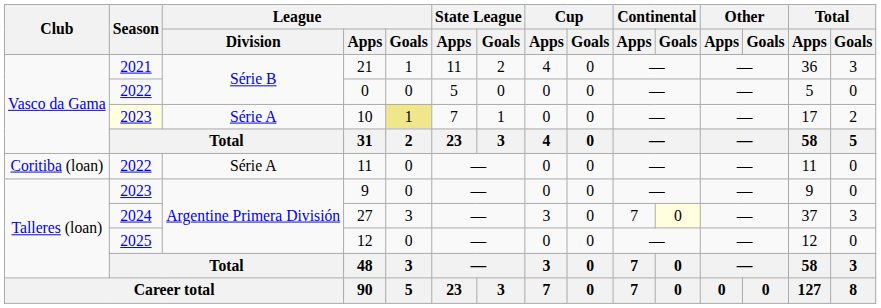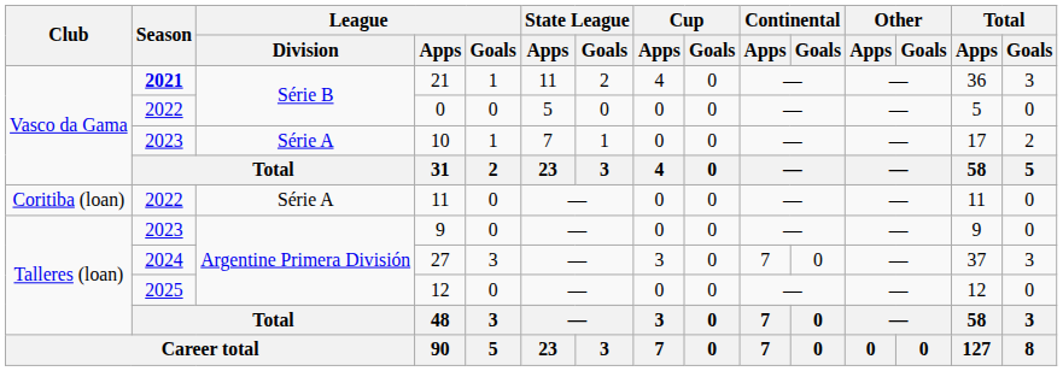 <table class="wikitable" style="text-align: center">
 <tr>
 <th rowspan="2">Club</th>
 <th rowspan="2">Season</th>
 <th colspan="3">League</th>
 <th colspan="2">State League</th>
 <th colspan="2">Cup</th>
 <th colspan="2">Continental</th>
 <th colspan="2">Other</th>
 <th colspan="2">Total</th>
 </tr>
 <tr>
 <th>Division</th>
 <th>Apps</th>
 <th>Goals</th>
 <th>Apps</th>
 <th>Goals</th>
 <th>Apps</th>
 <th>Goals</th>
 <th>Apps</th>
 <th>Goals</th>
 <th>Apps</th>
 <th>Goals</th>
 <th>Apps</th>
 <th>Goals</th>
 </tr>
 <tr>
 <td rowspan="4"><a href='#'>Vasco da Gama</a></td>
-<td><a href='#'>2021</a></td>
+<td><strong><a href='#'>2021</a></strong></td>
 <td rowspan="2"><a href='#'>Série B</a></td>
 <td>21</td>
 <td>1</td>
 <td>11</td>
 <td>2</td>
 <td>4</td>
 <td>0</td>
 <td colspan="2">—</td>
 <td colspan="2">—</td>
 <td>36</td>
 <td>3</td>
 </tr>
 <tr>
 <td><a href='#'>2022</a></td>
 <td>0</td>
 <td>0</td>
 <td>5</td>
 <td>0</td>
 <td>0</td>
 <td>0</td>
 <td colspan="2">—</td>
 <td colspan="2">—</td>
 <td>5</td>
 <td>0</td>
 </tr>
 <tr>
-<td style="background: lightyellow;"><a href='#'>2023</a></td>
+<td><a href='#'>2023</a></td>
 <td><a href='#'>Série A</a></td>
 <td>10</td>
-<td style="background: khaki;">1</td>
+<td>1</td>
 <td>7</td>
 <td>1</td>
 <td>0</td>
 <td>0</td>
 <td colspan="2">—</td>
 <td colspan="2">—</td>
 <td>17</td>
 <td>2</td>
 </tr>
 <tr>
 <th colspan="2">Total</th>
 <th>31</th>
 <th>2</th>
 <th>23</th>
 <th>3</th>
 <th>4</th>
 <th>0</th>
 <th colspan="2">—</th>
 <th colspan="2">—</th>
 <th>58</th>
 <th>5</th>
 </tr>
 <tr>
 <td><a href='#'>Coritiba</a> (loan)</td>
 <td><a href='#'>2022</a></td>
 <td>Série A</td>
 <td>11</td>
 <td>0</td>
 <td colspan="2">—</td>
 <td>0</td>
 <td>0</td>
 <td colspan="2">—</td>
 <td colspan="2">—</td>
 <td>11</td>
 <td>0</td>
 </tr>
 <tr>
 <td rowspan="4"><a href='#'>Talleres</a> (loan)</td>
 <td><a href='#'>2023</a></td>
 <td rowspan="3"><a href='#'>Argentine Primera División</a></td>
 <td>9</td>
 <td>0</td>
 <td colspan="2">—</td>
 <td>0</td>
 <td>0</td>
 <td colspan="2">—</td>
 <td colspan="2">—</td>
 <td>9</td>
 <td>0</td>
 </tr>
 <tr>
 <td><a href='#'>2024</a></td>
 <td>27</td>
 <td>3</td>
 <td colspan="2">—</td>
 <td>3</td>
 <td>0</td>
 <td>7</td>
-<td style="background: lightyellow;">0</td>
+<td>0</td>
 <td colspan="2">—</td>
 <td>37</td>
 <td>3</td>
 </tr>
 <tr>
 <td><a href='#'>2025</a></td>
 <td>12</td>
 <td>0</td>
 <td colspan="2">—</td>
 <td>0</td>
 <td>0</td>
 <td colspan="2">—</td>
 <td colspan="2">—</td>
 <td>12</td>
 <td>0</td>
 </tr>
 <tr>
 <th colspan="2">Total</th>
 <th>48</th>
 <th>3</th>
 <th colspan="2">—</th>
 <th>3</th>
 <th>0</th>
 <th>7</th>
 <th>0</th>
 <th colspan="2">—</th>
 <th>58</th>
 <th>3</th>
 </tr>
 <tr>
 <th colspan="3"><strong>Career total</strong></th>
 <th>90</th>
 <th>5</th>
 <th>23</th>
 <th>3</th>
 <th>7</th>
 <th>0</th>
 <th>7</th>
 <th>0</th>
 <th>0</th>
 <th>0</th>
 <th>127</th>
 <th>8</th>
 </tr>
 </table>
